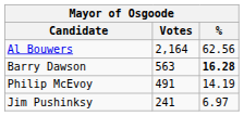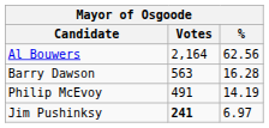 <table class="wikitable">
 <tr>
 <th colspan="3">Mayor of Osgoode</th>
 </tr>
 <tr>
 <th style="width: 170px">Candidate</th>
 <th style="width: 50px">Votes</th>
 <th style="width: 40px">%</th>
 </tr>
 <tr>
 <td><a href='#'>Al Bouwers</a></td>
 <td>2,164</td>
 <td>62.56</td>
 </tr>
 <tr>
 <td>Barry Dawson</td>
 <td>563</td>
-<td><strong>16.28</strong></td>
+<td>16.28</td>
 </tr>
 <tr>
 <td>Philip McEvoy</td>
 <td>491</td>
 <td>14.19</td>
 </tr>
 <tr>
 <td>Jim Pushinksy</td>
-<td>241</td>
+<td><strong>241</strong></td>
 <td>6.97</td>
 </tr>
 </table>
